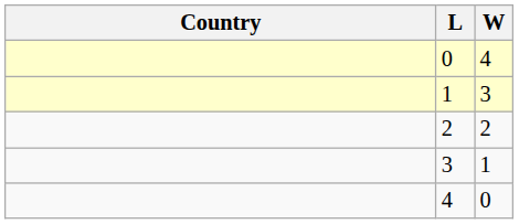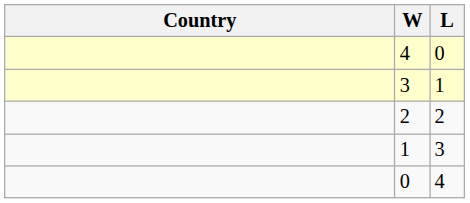 <table class="wikitable">
 <tr>
 <th bgcolor="#efefef" width="300">Country</th>
+<th bgcolor="#efefef" width="20">W</th>
 <th bgcolor="#efefef" width="20">L</th>
-<th bgcolor="#efefef" width="20">W</th>
 </tr>
 <tr bgcolor="#ffffcc">
 <td></td>
+<td>4</td>
 <td>0</td>
-<td>4</td>
 </tr>
 <tr bgcolor="#ffffcc">
 <td></td>
+<td>3</td>
 <td>1</td>
-<td>3</td>
 </tr>
 <tr>
 <td></td>
 <td>2</td>
 <td>2</td>
 </tr>
 <tr>
 <td></td>
+<td>1</td>
 <td>3</td>
-<td>1</td>
 </tr>
 <tr>
 <td></td>
+<td>0</td>
 <td>4</td>
-<td>0</td>
 </tr>
 </table>
